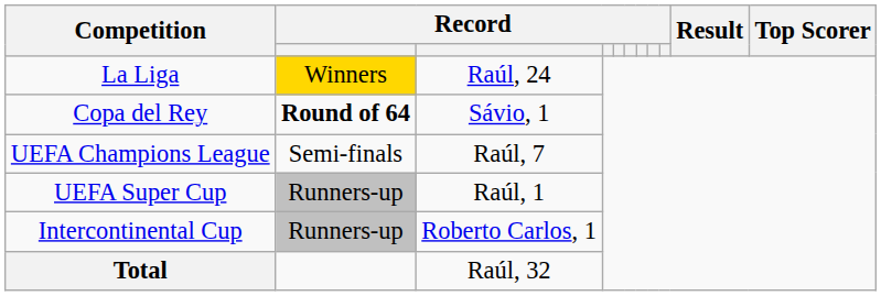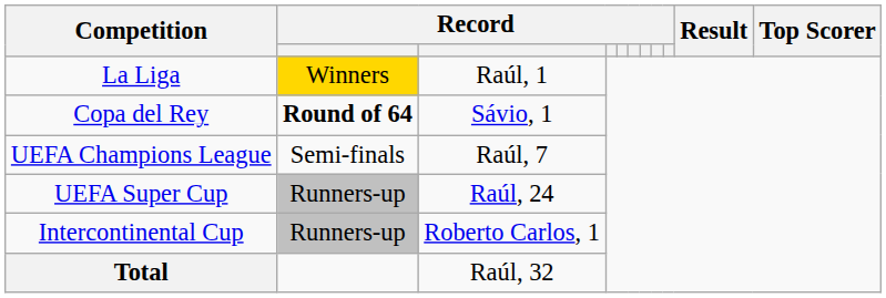 <table class="wikitable" style="text-align: center">
 <tr>
 <th rowspan=2>Competition</th>
 <th colspan=8>Record</th>
 <th rowspan=2>Result</th>
 <th rowspan=2>Top Scorer</th>
 </tr>
 <tr>
 <th></th>
 <th></th>
 <th></th>
 <th></th>
 <th></th>
 <th></th>
 <th></th>
 <th></th>
 </tr>
 <tr>
 <td><a href='#'>La Liga</a><br></td>
 <td style="background:gold;">Winners</td>
-<td> <a href='#'>Raúl</a>, 24</td>
+<td> Raúl, 1</td>
 </tr>
 <tr>
 <td><a href='#'>Copa del Rey</a><br></td>
 <td><strong>Round of 64</strong></td>
 <td> <a href='#'>Sávio</a>, 1</td>
 </tr>
 <tr>
 <td><a href='#'>UEFA Champions League</a><br></td>
 <td>Semi-finals</td>
 <td> Raúl, 7</td>
 </tr>
 <tr>
 <td><a href='#'>UEFA Super Cup</a><br></td>
 <td style="background:silver;">Runners-up</td>
-<td> Raúl, 1</td>
+<td> <a href='#'>Raúl</a>, 24</td>
 </tr>
 <tr>
 <td><a href='#'>Intercontinental Cup</a><br></td>
 <td style="background:silver;">Runners-up</td>
 <td> <a href='#'>Roberto Carlos</a>, 1</td>
 </tr>
 <tr>
 <th>Total<br></th>
 <td></td>
 <td> Raúl, 32</td>
 </tr>
 </table>
